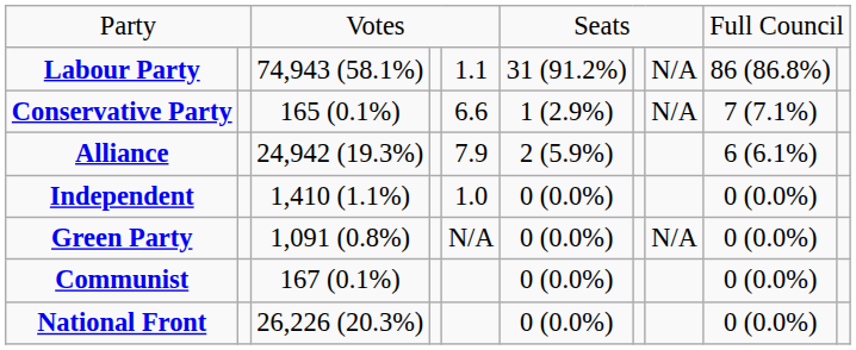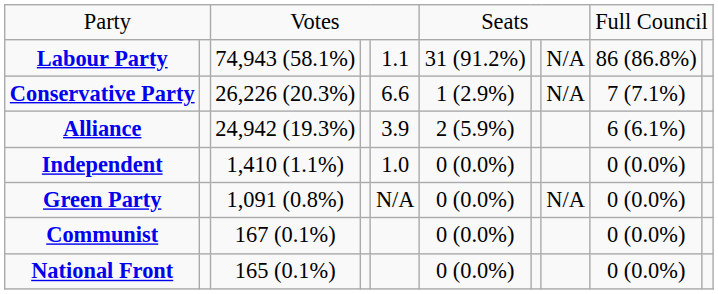 <table class=wikitable style="text-align:center;">
 <tr>
 <td colspan=2>Party</td>
 <td colspan=3>Votes</td>
 <td colspan=3>Seats</td>
 <td colspan=3>Full Council</td>
 </tr>
 <tr>
 <td><strong><a href='#'>Labour Party</a></strong></td>
 <td></td>
 <td>74,943 (58.1%)</td>
 <td></td>
 <td> 1.1</td>
 <td>31 (91.2%)</td>
 <td></td>
 <td>N/A</td>
 <td>86 (86.8%)</td>
 <td></td>
 </tr>
 <tr>
 <td><strong><a href='#'>Conservative Party</a></strong></td>
 <td></td>
-<td>165 (0.1%)</td>
+<td>26,226 (20.3%)</td>
 <td></td>
 <td> 6.6</td>
 <td>1 (2.9%)</td>
 <td></td>
 <td>N/A</td>
 <td>7 (7.1%)</td>
 <td></td>
 </tr>
 <tr>
 <td><strong><a href='#'>Alliance</a></strong></td>
 <td></td>
 <td>24,942 (19.3%)</td>
 <td></td>
-<td> 7.9</td>
+<td> 3.9</td>
 <td>2 (5.9%)</td>
 <td></td>
 <td></td>
 <td>6 (6.1%)</td>
 <td></td>
 </tr>
 <tr>
 <td><strong><a href='#'>Independent</a></strong></td>
 <td></td>
 <td>1,410 (1.1%)</td>
 <td></td>
 <td> 1.0</td>
 <td>0 (0.0%)</td>
 <td></td>
 <td></td>
 <td>0 (0.0%)</td>
 <td></td>
 </tr>
 <tr>
 <td><strong><a href='#'>Green Party</a></strong></td>
 <td style="background:"></td>
 <td>1,091 (0.8%)</td>
 <td></td>
 <td>N/A</td>
 <td>0 (0.0%)</td>
 <td></td>
 <td>N/A</td>
 <td>0 (0.0%)</td>
 <td></td>
 </tr>
 <tr>
 <td><strong><a href='#'>Communist</a></strong></td>
 <td></td>
 <td>167 (0.1%)</td>
 <td></td>
 <td></td>
 <td>0 (0.0%)</td>
 <td></td>
 <td></td>
 <td>0 (0.0%)</td>
 <td></td>
 </tr>
 <tr>
 <td><strong><a href='#'>National Front</a></strong></td>
 <td></td>
-<td>26,226 (20.3%)</td>
+<td>165 (0.1%)</td>
 <td></td>
 <td></td>
 <td>0 (0.0%)</td>
 <td></td>
 <td></td>
 <td>0 (0.0%)</td>
 <td></td>
 </tr>
 </table>
